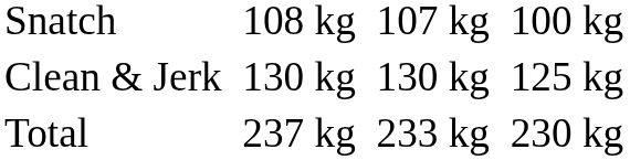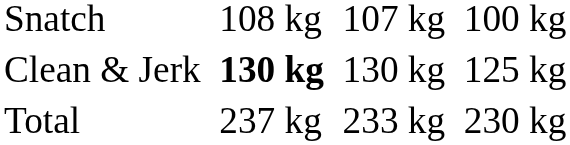 <table>
 <tr>
 <td>Snatch</td>
 <td></td>
 <td>108 kg</td>
 <td></td>
 <td>107 kg</td>
 <td></td>
 <td>100 kg</td>
 </tr>
 <tr>
 <td>Clean & Jerk</td>
 <td></td>
-<td>130 kg</td>
+<td><strong>130 kg</strong></td>
 <td></td>
 <td>130 kg</td>
 <td></td>
 <td>125 kg</td>
 </tr>
 <tr>
 <td>Total</td>
 <td></td>
 <td>237 kg</td>
 <td></td>
 <td>233 kg</td>
 <td></td>
 <td>230 kg</td>
 </tr>
 </table>
